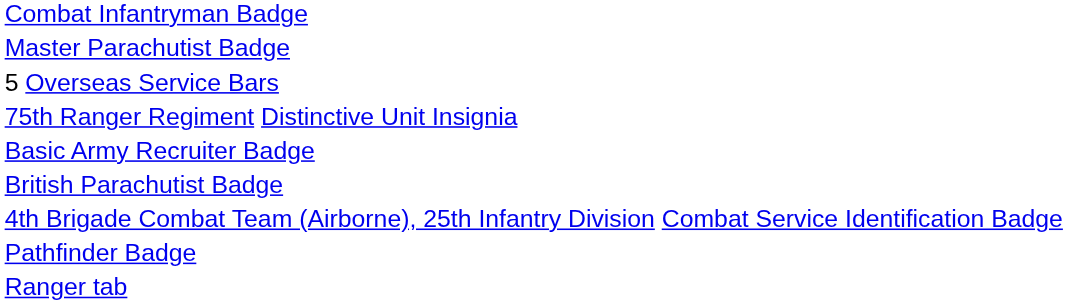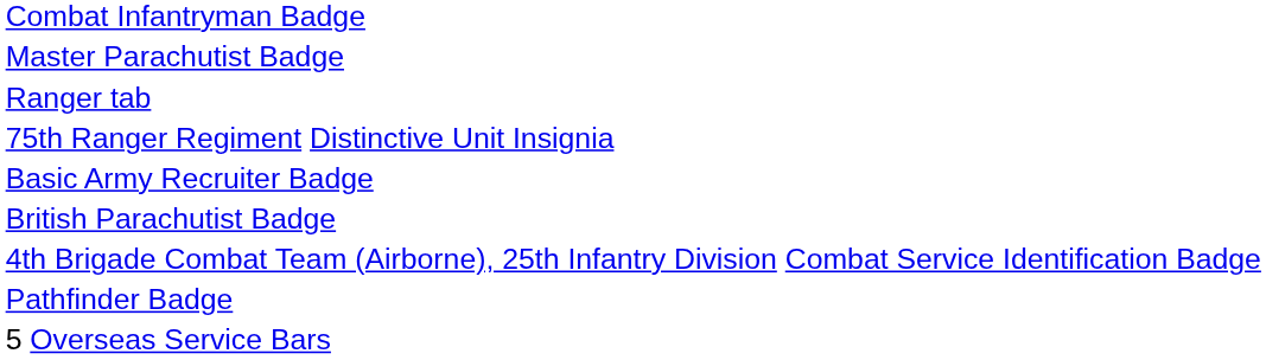 <table>
 <tr>
 <td> <a href='#'>Combat Infantryman Badge</a></td>
 </tr>
 <tr>
 <td> <a href='#'>Master Parachutist Badge</a></td>
 </tr>
 <tr>
-<td> 5 <a href='#'>Overseas Service Bars</a></td>
+<td> <a href='#'>Ranger tab</a></td>
 </tr>
 <tr>
 <td> <a href='#'>75th Ranger Regiment</a> <a href='#'>Distinctive Unit Insignia</a></td>
 </tr>
 <tr>
 <td> <a href='#'>Basic Army Recruiter Badge</a></td>
 </tr>
 <tr>
 <td> <a href='#'>British Parachutist Badge</a></td>
 </tr>
 <tr>
 <td> <a href='#'>4th Brigade Combat Team (Airborne), 25th Infantry Division</a> <a href='#'>Combat Service Identification Badge</a></td>
 </tr>
 <tr>
 <td> <a href='#'>Pathfinder Badge</a></td>
 </tr>
 <tr>
-<td> <a href='#'>Ranger tab</a></td>
+<td> 5 <a href='#'>Overseas Service Bars</a></td>
 </tr>
 </table>
